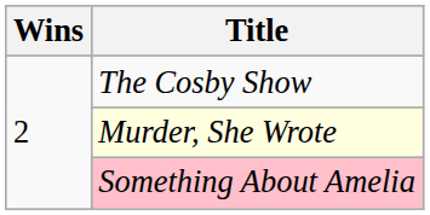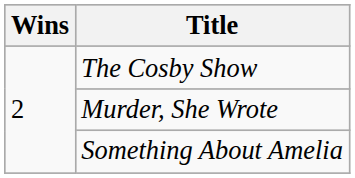 <table class="wikitable">
 <tr>
 <th>Wins</th>
 <th>Title</th>
 </tr>
 <tr>
 <td rowspan="3">2</td>
 <td><em>The Cosby Show</em></td>
 </tr>
 <tr>
-<td style="background: lightyellow;"><em>Murder, She Wrote</em></td>
+<td><em>Murder, She Wrote</em></td>
 </tr>
 <tr>
-<td style="background: pink;"><em>Something About Amelia</em></td>
+<td><em>Something About Amelia</em></td>
 </tr>
 </table>
